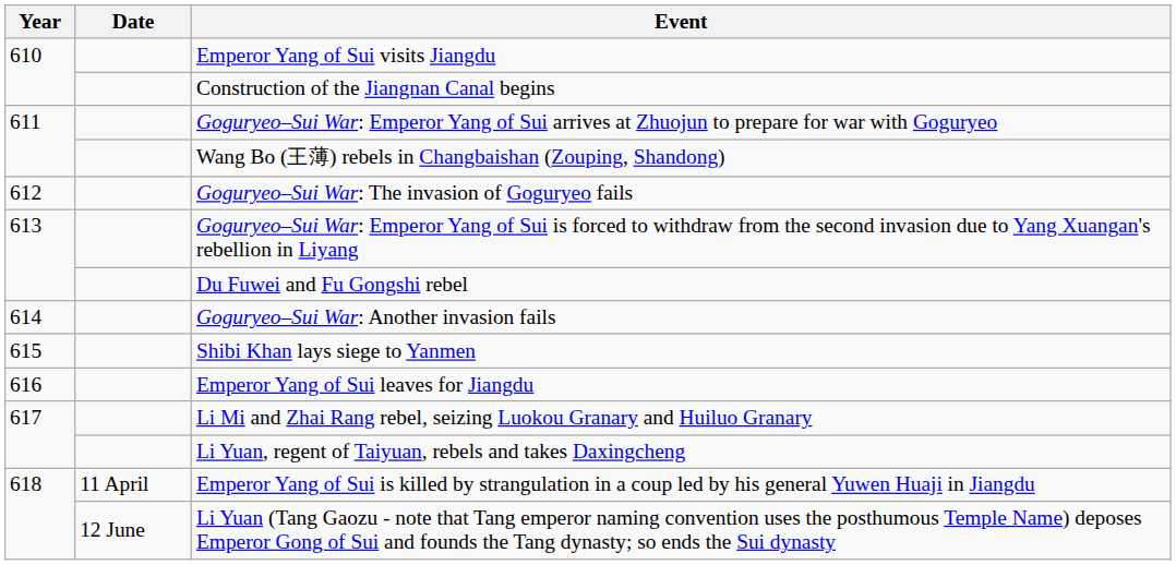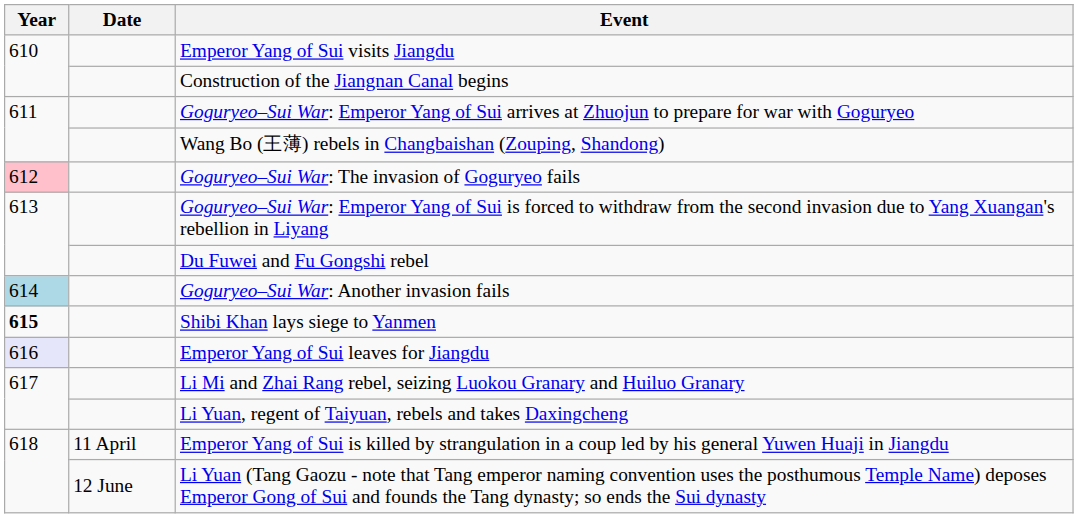 <table class="wikitable" style="width:100%;">
 <tr>
 <th style="width:6%">Year</th>
 <th style="width:10%">Date</th>
 <th>Event</th>
 </tr>
 <tr>
 <td rowspan="2" style="vertical-align:top;">610</td>
 <td></td>
 <td><a href='#'>Emperor Yang of Sui</a> visits <a href='#'>Jiangdu</a></td>
 </tr>
 <tr>
 <td></td>
 <td>Construction of the <a href='#'>Jiangnan Canal</a> begins</td>
 </tr>
 <tr>
 <td rowspan="2" style="vertical-align:top;">611</td>
 <td></td>
 <td><em><a href='#'>Goguryeo–Sui War</a></em>: <a href='#'>Emperor Yang of Sui</a> arrives at <a href='#'>Zhuojun</a> to prepare for war with <a href='#'>Goguryeo</a></td>
 </tr>
 <tr>
 <td></td>
 <td>Wang Bo (王薄) rebels in <a href='#'>Changbaishan</a> (<a href='#'>Zouping</a>, <a href='#'>Shandong</a>)</td>
 </tr>
 <tr>
-<td>612</td>
+<td style="background: pink;">612</td>
 <td></td>
 <td><em><a href='#'>Goguryeo–Sui War</a></em>: The invasion of <a href='#'>Goguryeo</a> fails</td>
 </tr>
 <tr>
 <td rowspan="2" style="vertical-align:top;">613</td>
 <td></td>
 <td><em><a href='#'>Goguryeo–Sui War</a></em>: <a href='#'>Emperor Yang of Sui</a> is forced to withdraw from the second invasion due to <a href='#'>Yang Xuangan</a>'s rebellion in <a href='#'>Liyang</a></td>
 </tr>
 <tr>
 <td></td>
 <td><a href='#'>Du Fuwei</a> and <a href='#'>Fu Gongshi</a> rebel</td>
 </tr>
 <tr>
-<td>614</td>
+<td style="background: lightblue;">614</td>
 <td></td>
 <td><em><a href='#'>Goguryeo–Sui War</a></em>: Another invasion fails</td>
 </tr>
 <tr>
-<td>615</td>
+<td><strong>615</strong></td>
 <td></td>
 <td><a href='#'>Shibi Khan</a> lays siege to <a href='#'>Yanmen</a></td>
 </tr>
 <tr>
-<td>616</td>
+<td style="background: lavender;">616</td>
 <td></td>
 <td><a href='#'>Emperor Yang of Sui</a> leaves for <a href='#'>Jiangdu</a></td>
 </tr>
 <tr>
 <td rowspan="2" style="vertical-align:top;">617</td>
 <td></td>
 <td><a href='#'>Li Mi</a> and <a href='#'>Zhai Rang</a> rebel, seizing <a href='#'>Luokou Granary</a> and <a href='#'>Huiluo Granary</a></td>
 </tr>
 <tr>
 <td></td>
 <td><a href='#'>Li Yuan</a>, regent of <a href='#'>Taiyuan</a>, rebels and takes <a href='#'>Daxingcheng</a></td>
 </tr>
 <tr>
 <td rowspan="2" style="vertical-align:top;">618</td>
 <td>11 April</td>
 <td><a href='#'>Emperor Yang of Sui</a> is killed by strangulation in a coup led by his general <a href='#'>Yuwen Huaji</a> in <a href='#'>Jiangdu</a></td>
 </tr>
 <tr>
 <td>12 June</td>
 <td><a href='#'>Li Yuan</a> (Tang Gaozu - note that Tang emperor naming convention uses the posthumous <a href='#'>Temple Name</a>) deposes <a href='#'>Emperor Gong of Sui</a> and founds the Tang dynasty; so ends the <a href='#'>Sui dynasty</a></td>
 </tr>
 </table>
